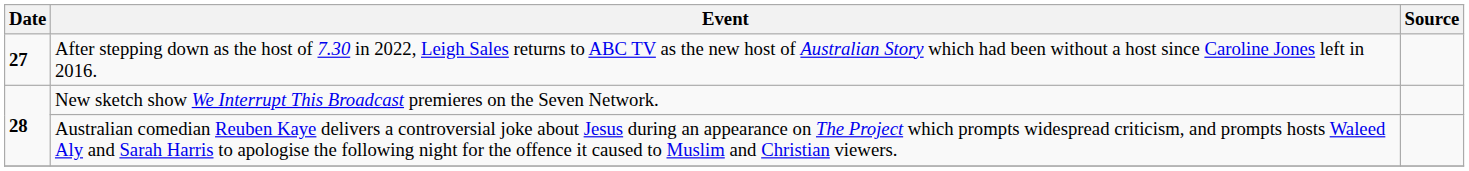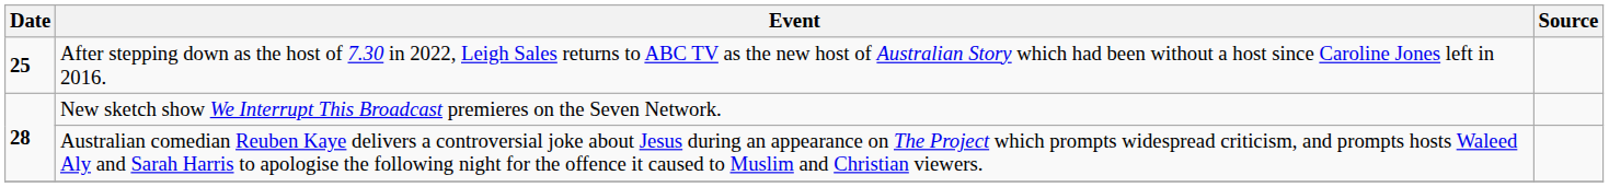 <table class="wikitable">
 <tr>
 <th>Date</th>
 <th>Event</th>
 <th>Source</th>
 </tr>
 <tr>
-<td><strong>27</strong></td>
+<td><strong>25</strong></td>
 <td>After stepping down as the host of <em><a href='#'>7.30</a></em> in 2022, <a href='#'>Leigh Sales</a> returns to <a href='#'>ABC TV</a> as the new host of <em><a href='#'>Australian Story</a></em> which had been without a host since <a href='#'>Caroline Jones</a> left in 2016.</td>
 <td></td>
 </tr>
 <tr>
 <td rowspan=2><strong>28</strong></td>
 <td>New sketch show <em><a href='#'>We Interrupt This Broadcast</a></em> premieres on the Seven Network.</td>
 <td></td>
 </tr>
 <tr>
 <td>Australian comedian <a href='#'>Reuben Kaye</a> delivers a controversial joke about <a href='#'>Jesus</a> during an appearance on <em><a href='#'>The Project</a></em> which prompts widespread criticism, and prompts hosts <a href='#'>Waleed Aly</a> and <a href='#'>Sarah Harris</a> to apologise the following night for the offence it caused to <a href='#'>Muslim</a> and <a href='#'>Christian</a> viewers.</td>
 <td></td>
 </tr>
 <tr>
 </tr>
 </table>
